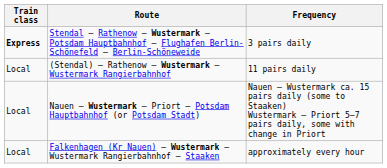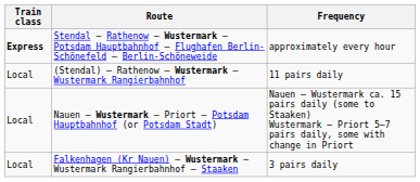 <table class="wikitable">
 <tr>
 <th>Train class</th>
 <th>Route</th>
 <th>Frequency</th>
 </tr>
 <tr>
 <td><strong>Express</strong></td>
 <td><a href='#'>Stendal</a> – <a href='#'>Rathenow</a> – <strong>Wustermark</strong> – <a href='#'>Potsdam Hauptbahnhof</a> – <a href='#'>Flughafen Berlin-Schönefeld</a>  – <a href='#'>Berlin-Schöneweide</a></td>
-<td>3 pairs daily</td>
+<td>approximately every hour</td>
 </tr>
 <tr>
 <td>Local</td>
 <td>(Stendal)  – Rathenow  – <strong>Wustermark</strong> – <a href='#'>Wustermark Rangierbahnhof</a></td>
 <td>11 pairs daily</td>
 </tr>
 <tr>
 <td>Local</td>
 <td>Nauen  – <strong>Wustermark</strong> – Priort – <a href='#'>Potsdam Hauptbahnhof</a> (or <a href='#'>Potsdam Stadt</a>)</td>
 <td>Nauen – Wustermark ca. 15 pairs daily (some to Staaken)<br>Wustermark – Priort 5–7 pairs daily, some with change  in Priort</td>
 </tr>
 <tr>
 <td>Local</td>
 <td><a href='#'>Falkenhagen (Kr Nauen)</a>  – <strong>Wustermark</strong> – Wustermark Rangierbahnhof  – <a href='#'>Staaken</a></td>
-<td>approximately every hour</td>
+<td>3 pairs daily</td>
 </tr>
 </table>
